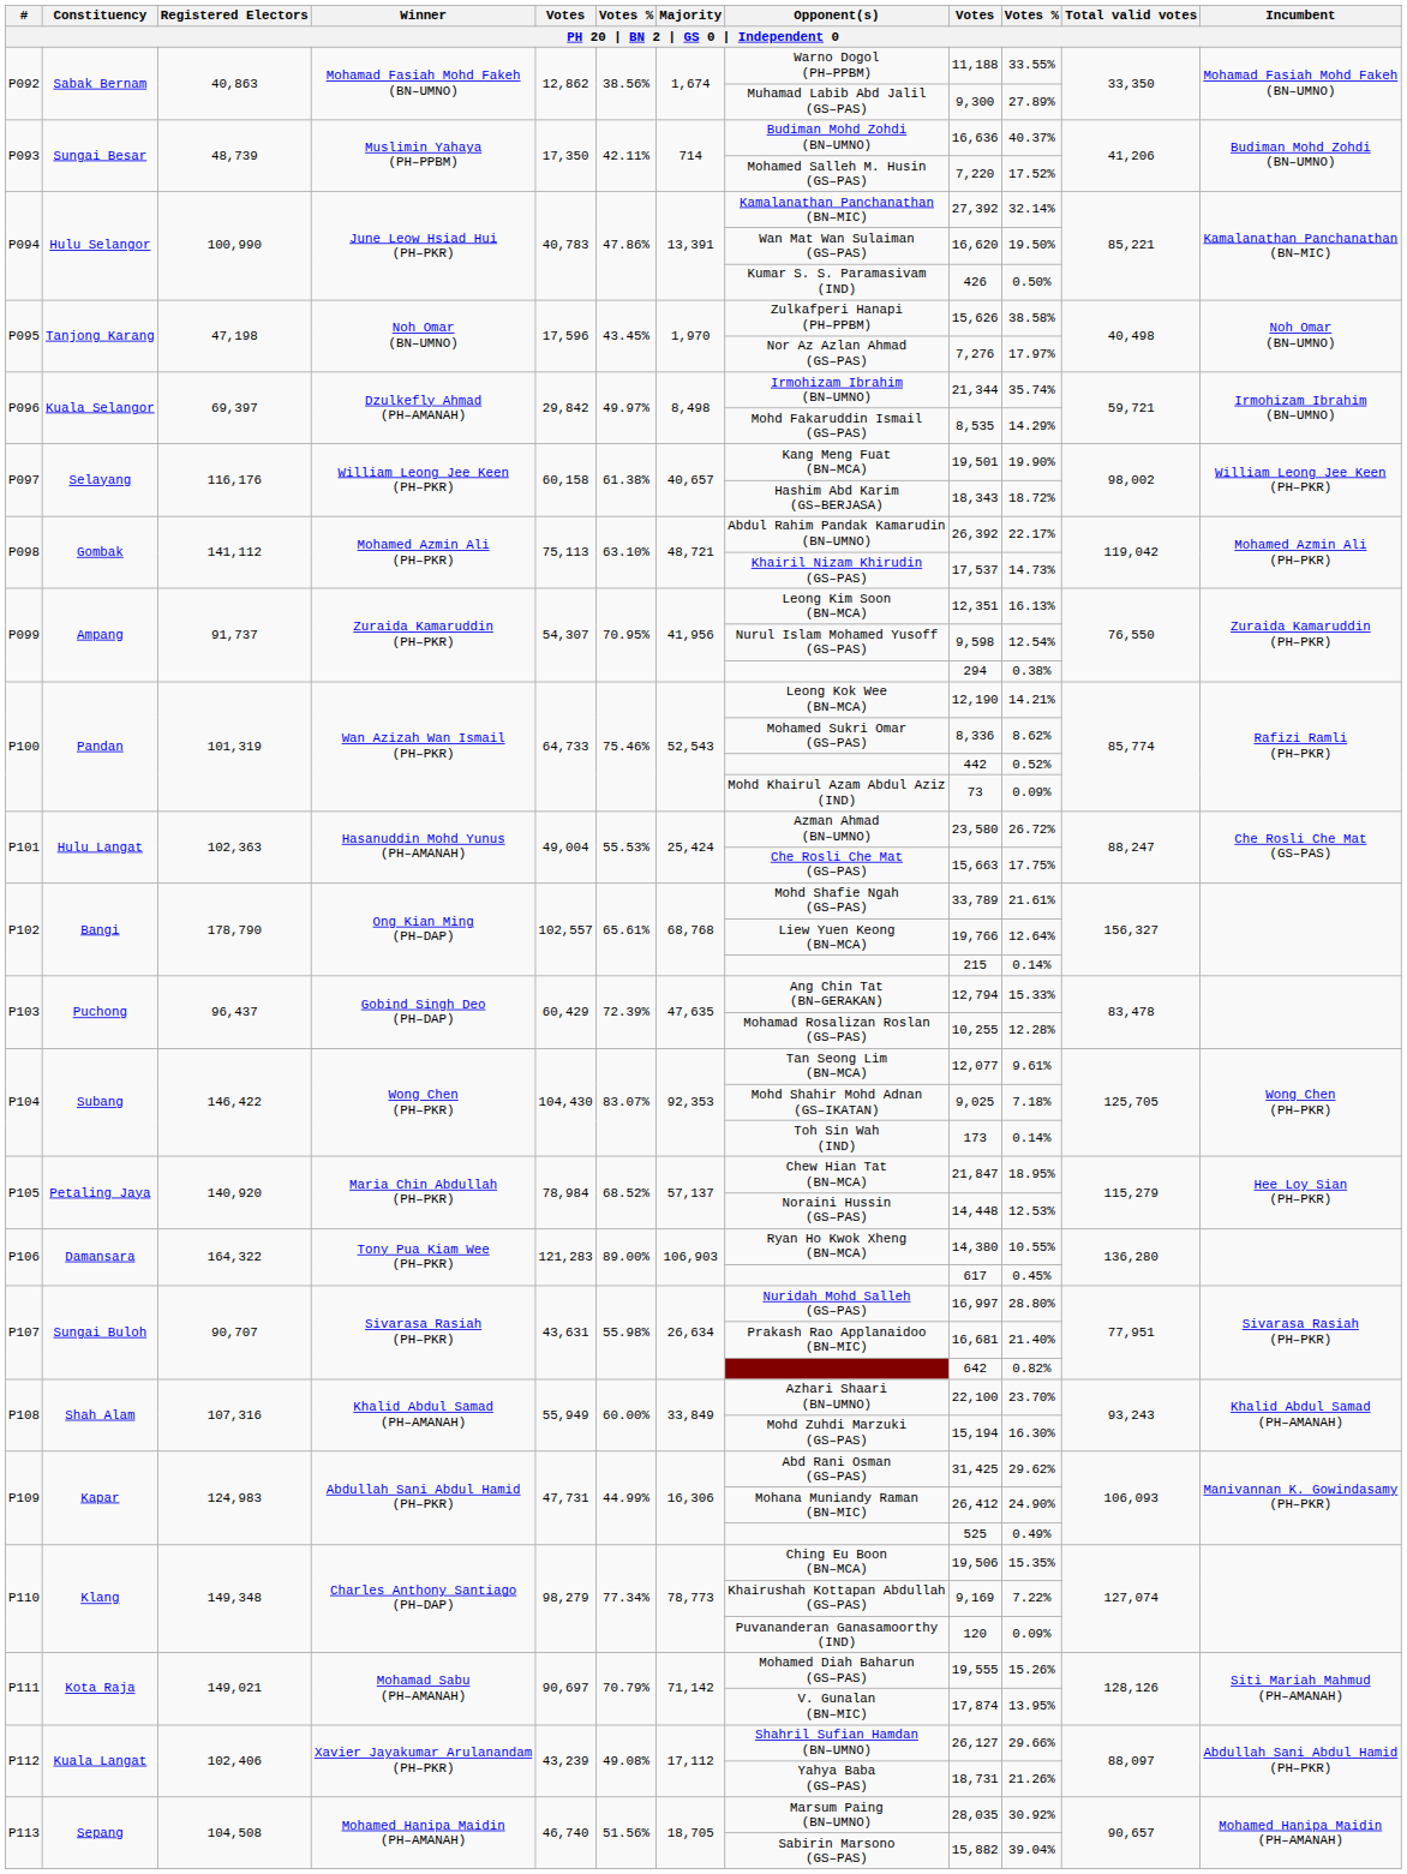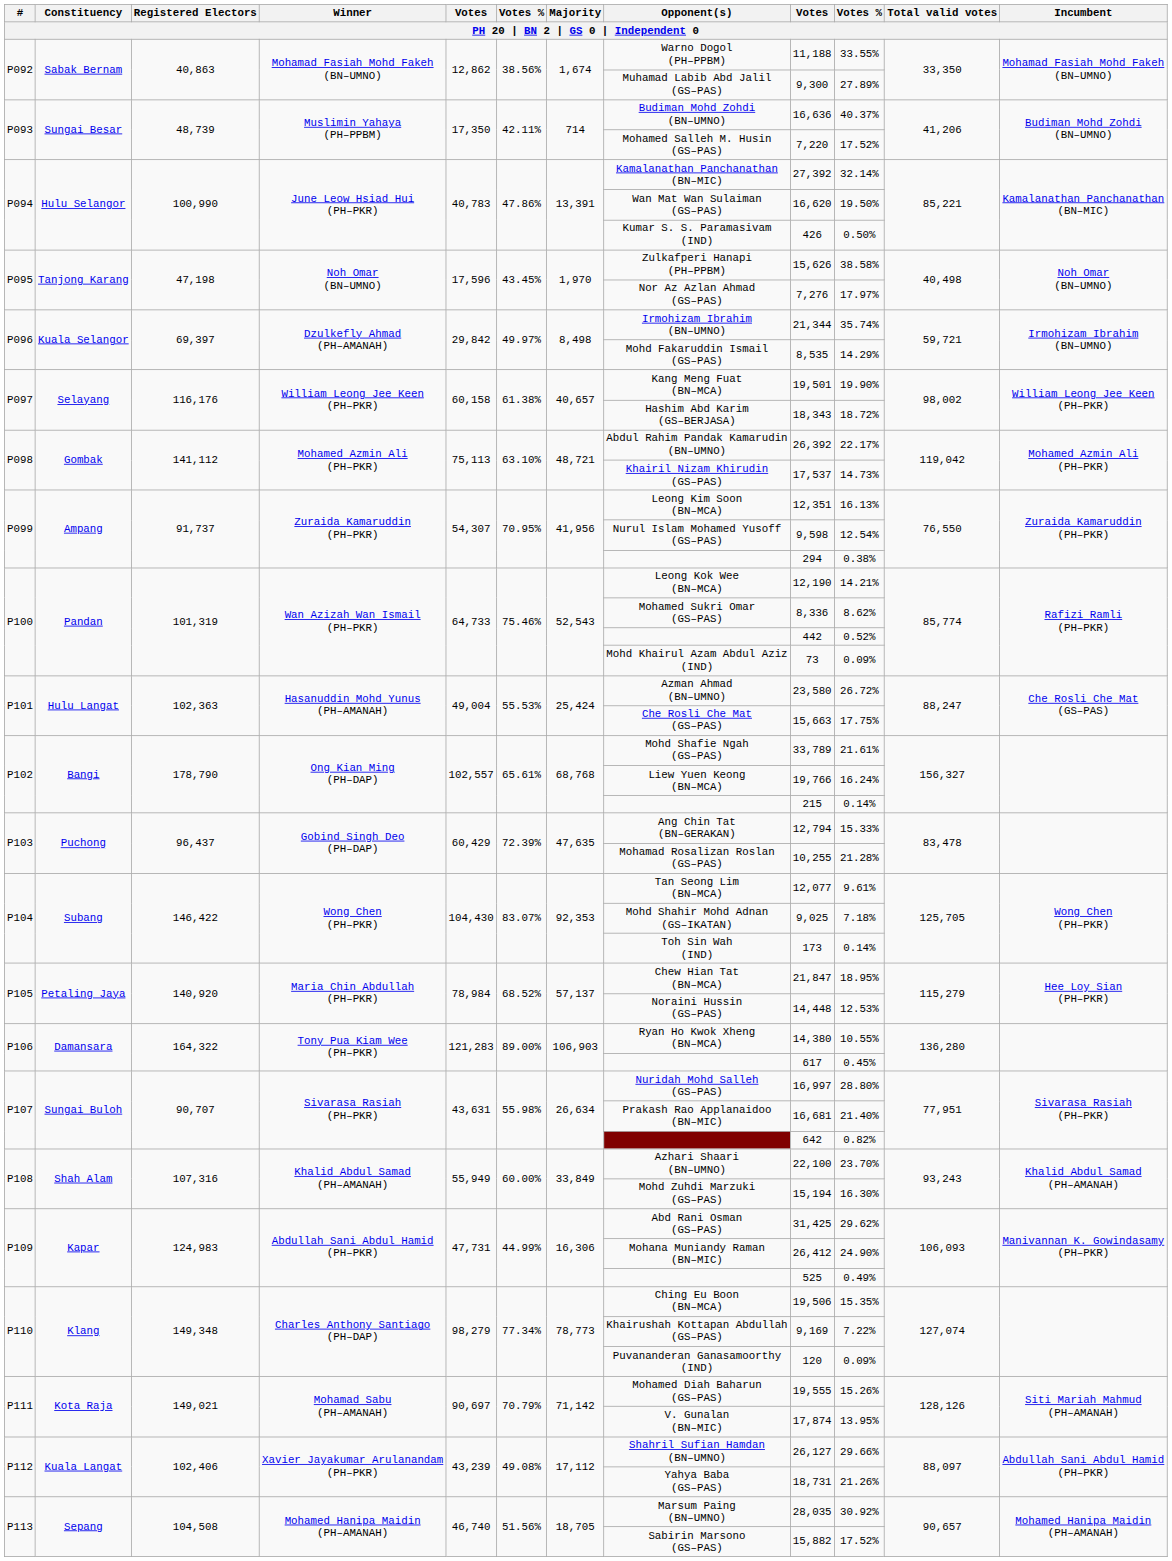 <table class="wikitable sortable" style">
 <tr>
 <th>#</th>
 <th>Constituency</th>
 <th>Registered Electors</th>
 <th>Winner</th>
 <th>Votes</th>
 <th>Votes %</th>
 <th>Majority</th>
 <th>Opponent(s)</th>
 <th>Votes</th>
 <th>Votes %</th>
 <th>Total valid votes</th>
 <th>Incumbent</th>
 </tr>
 <tr>
 <th colspan="13"><a href='#'>PH</a> <strong>20</strong> | <a href='#'>BN</a> <strong>2</strong> | <a href='#'>GS</a> <strong>0</strong> | <a href='#'>Independent</a> <strong>0</strong></th>
 </tr>
 <tr align="center">
 <td rowspan=2>P092</td>
 <td rowspan=2><a href='#'>Sabak Bernam</a></td>
 <td rowspan=2>40,863</td>
 <td rowspan=2><a href='#'>Mohamad Fasiah Mohd Fakeh</a><br>(BN–UMNO)</td>
 <td rowspan=2>12,862</td>
 <td rowspan=2>38.56%</td>
 <td rowspan=2>1,674</td>
 <td>Warno Dogol<br>(PH–PPBM)</td>
 <td>11,188</td>
 <td>33.55%</td>
 <td rowspan=2>33,350</td>
 <td rowspan=2><a href='#'>Mohamad Fasiah Mohd Fakeh</a><br>(BN–UMNO)</td>
 </tr>
 <tr align="center">
 <td>Muhamad Labib Abd Jalil<br>(GS–PAS)</td>
 <td>9,300</td>
 <td>27.89%</td>
 </tr>
 <tr align="center">
 <td rowspan=2>P093</td>
 <td rowspan=2><a href='#'>Sungai Besar</a></td>
 <td rowspan=2>48,739</td>
 <td rowspan=2><a href='#'>Muslimin Yahaya</a><br>(PH–PPBM)</td>
 <td rowspan=2>17,350</td>
 <td rowspan=2>42.11%</td>
 <td rowspan=2>714</td>
 <td><a href='#'>Budiman Mohd Zohdi</a><br>(BN–UMNO)</td>
 <td>16,636</td>
 <td>40.37%</td>
 <td rowspan=2>41,206</td>
 <td rowspan=2><a href='#'>Budiman Mohd Zohdi</a><br>(BN–UMNO)</td>
 </tr>
 <tr align="center">
 <td>Mohamed Salleh M. Husin<br>(GS–PAS)</td>
 <td>7,220</td>
 <td>17.52%</td>
 </tr>
 <tr align="center">
 <td rowspan=3>P094</td>
 <td rowspan=3><a href='#'>Hulu Selangor</a></td>
 <td rowspan=3>100,990</td>
 <td rowspan=3><a href='#'>June Leow Hsiad Hui</a><br>(PH–PKR)</td>
 <td rowspan=3>40,783</td>
 <td rowspan=3>47.86%</td>
 <td rowspan=3>13,391</td>
 <td><a href='#'>Kamalanathan Panchanathan</a><br>(BN–MIC)</td>
 <td>27,392</td>
 <td>32.14%</td>
 <td rowspan=3>85,221</td>
 <td rowspan=3><a href='#'>Kamalanathan Panchanathan</a><br>(BN–MIC)</td>
 </tr>
 <tr align="center">
 <td>Wan Mat Wan Sulaiman<br>(GS–PAS)</td>
 <td>16,620</td>
 <td>19.50%</td>
 </tr>
 <tr align="center">
 <td>Kumar S. S. Paramasivam<br>(IND)</td>
 <td>426</td>
 <td>0.50%</td>
 </tr>
 <tr align="center">
 <td rowspan=2>P095</td>
 <td rowspan=2><a href='#'>Tanjong Karang</a></td>
 <td rowspan=2>47,198</td>
 <td rowspan=2><a href='#'>Noh Omar</a><br>(BN–UMNO)</td>
 <td rowspan=2>17,596</td>
 <td rowspan=2>43.45%</td>
 <td rowspan=2>1,970</td>
 <td>Zulkafperi Hanapi<br>(PH–PPBM)</td>
 <td>15,626</td>
 <td>38.58%</td>
 <td rowspan=2>40,498</td>
 <td rowspan=2><a href='#'>Noh Omar</a><br>(BN–UMNO)</td>
 </tr>
 <tr align="center">
 <td>Nor Az Azlan Ahmad<br>(GS–PAS)</td>
 <td>7,276</td>
 <td>17.97%</td>
 </tr>
 <tr align="center">
 <td rowspan=2>P096</td>
 <td rowspan=2><a href='#'>Kuala Selangor</a></td>
 <td rowspan=2>69,397</td>
 <td rowspan=2><a href='#'>Dzulkefly Ahmad</a><br>(PH–AMANAH)</td>
 <td rowspan=2>29,842</td>
 <td rowspan=2>49.97%</td>
 <td rowspan=2>8,498</td>
 <td><a href='#'>Irmohizam Ibrahim</a><br>(BN–UMNO)</td>
 <td>21,344</td>
 <td>35.74%</td>
 <td rowspan=2>59,721</td>
 <td rowspan=2><a href='#'>Irmohizam Ibrahim</a><br>(BN–UMNO)</td>
 </tr>
 <tr align="center">
 <td>Mohd Fakaruddin Ismail<br>(GS–PAS)</td>
 <td>8,535</td>
 <td>14.29%</td>
 </tr>
 <tr align="center">
 <td rowspan=2>P097</td>
 <td rowspan=2><a href='#'>Selayang</a></td>
 <td rowspan=2>116,176</td>
 <td rowspan=2><a href='#'>William Leong Jee Keen</a><br>(PH–PKR)</td>
 <td rowspan=2>60,158</td>
 <td rowspan=2>61.38%</td>
 <td rowspan=2>40,657</td>
 <td>Kang Meng Fuat<br>(BN–MCA)</td>
 <td>19,501</td>
 <td>19.90%</td>
 <td rowspan=2>98,002</td>
 <td rowspan=2><a href='#'>William Leong Jee Keen</a><br>(PH–PKR)</td>
 </tr>
 <tr align="center">
 <td>Hashim Abd Karim<br>(GS–BERJASA)</td>
 <td>18,343</td>
 <td>18.72%</td>
 </tr>
 <tr align="center">
 <td rowspan=2>P098</td>
 <td rowspan=2><a href='#'>Gombak</a></td>
 <td rowspan=2>141,112</td>
 <td rowspan=2><a href='#'>Mohamed Azmin Ali</a><br>(PH–PKR)</td>
 <td rowspan=2>75,113</td>
 <td rowspan=2>63.10%</td>
 <td rowspan=2>48,721</td>
 <td>Abdul Rahim Pandak Kamarudin<br>(BN–UMNO)</td>
 <td>26,392</td>
 <td>22.17%</td>
 <td rowspan=2>119,042</td>
 <td rowspan=2><a href='#'>Mohamed Azmin Ali</a><br>(PH–PKR)</td>
 </tr>
 <tr align="center">
 <td><a href='#'>Khairil Nizam Khirudin</a><br>(GS–PAS)</td>
 <td>17,537</td>
 <td>14.73%</td>
 </tr>
 <tr align="center">
 <td rowspan=3>P099</td>
 <td rowspan=3><a href='#'>Ampang</a></td>
 <td rowspan=3>91,737</td>
 <td rowspan=3><a href='#'>Zuraida Kamaruddin</a><br>(PH–PKR)</td>
 <td rowspan=3>54,307</td>
 <td rowspan=3>70.95%</td>
 <td rowspan=3>41,956</td>
 <td>Leong Kim Soon<br>(BN–MCA)</td>
 <td>12,351</td>
 <td>16.13%</td>
 <td rowspan=3>76,550</td>
 <td rowspan=3><a href='#'>Zuraida Kamaruddin</a><br>(PH–PKR)</td>
 </tr>
 <tr align="center">
 <td>Nurul Islam Mohamed Yusoff<br>(GS–PAS)</td>
 <td>9,598</td>
 <td>12.54%</td>
 </tr>
 <tr align="center">
 <td></td>
 <td>294</td>
 <td>0.38%</td>
 </tr>
 <tr align="center">
 <td rowspan=4>P100</td>
 <td rowspan=4><a href='#'>Pandan</a></td>
 <td rowspan=4>101,319</td>
 <td rowspan=4><a href='#'>Wan Azizah Wan Ismail</a><br>(PH–PKR)</td>
 <td rowspan=4>64,733</td>
 <td rowspan=4>75.46%</td>
 <td rowspan=4>52,543</td>
 <td>Leong Kok Wee<br>(BN–MCA)</td>
 <td>12,190</td>
 <td>14.21%</td>
 <td rowspan=4>85,774</td>
 <td rowspan=4><a href='#'>Rafizi Ramli</a><br>(PH–PKR)</td>
 </tr>
 <tr align="center">
 <td>Mohamed Sukri Omar<br>(GS–PAS)</td>
 <td>8,336</td>
 <td>8.62%</td>
 </tr>
 <tr align="center">
 <td></td>
 <td>442</td>
 <td>0.52%</td>
 </tr>
 <tr align="center">
 <td>Mohd Khairul Azam Abdul Aziz<br>(IND)</td>
 <td>73</td>
 <td>0.09%</td>
 </tr>
 <tr align="center">
 <td rowspan=2>P101</td>
 <td rowspan=2><a href='#'>Hulu Langat</a></td>
 <td rowspan=2>102,363</td>
 <td rowspan=2><a href='#'>Hasanuddin Mohd Yunus</a><br>(PH–AMANAH)</td>
 <td rowspan=2>49,004</td>
 <td rowspan=2>55.53%</td>
 <td rowspan=2>25,424</td>
 <td>Azman Ahmad<br>(BN–UMNO)</td>
 <td>23,580</td>
 <td>26.72%</td>
 <td rowspan=2>88,247</td>
 <td rowspan=2><a href='#'>Che Rosli Che Mat</a><br>(GS–PAS)</td>
 </tr>
 <tr align="center">
 <td><a href='#'>Che Rosli Che Mat</a><br>(GS–PAS)</td>
 <td>15,663</td>
 <td>17.75%</td>
 </tr>
 <tr align="center">
 <td rowspan=3>P102</td>
 <td rowspan=3><a href='#'>Bangi</a></td>
 <td rowspan=3>178,790</td>
 <td rowspan=3><a href='#'>Ong Kian Ming</a><br>(PH–DAP)</td>
 <td rowspan=3>102,557</td>
 <td rowspan=3>65.61%</td>
 <td rowspan=3>68,768</td>
 <td>Mohd Shafie Ngah<br>(GS–PAS)</td>
 <td>33,789</td>
 <td>21.61%</td>
 <td rowspan=3>156,327</td>
 <td rowspan=3></td>
 </tr>
 <tr align="center">
 <td>Liew Yuen Keong<br>(BN–MCA)</td>
 <td>19,766</td>
-<td>12.64%</td>
+<td>16.24%</td>
 </tr>
 <tr align="center">
 <td></td>
 <td>215</td>
 <td>0.14%</td>
 </tr>
 <tr align="center">
 <td rowspan=2>P103</td>
 <td rowspan=2><a href='#'>Puchong</a></td>
 <td rowspan=2>96,437</td>
 <td rowspan=2><a href='#'>Gobind Singh Deo</a><br>(PH–DAP)</td>
 <td rowspan=2>60,429</td>
 <td rowspan=2>72.39%</td>
 <td rowspan=2>47,635</td>
 <td>Ang Chin Tat <br>(BN–GERAKAN)</td>
 <td>12,794</td>
 <td>15.33%</td>
 <td rowspan=2>83,478</td>
 <td rowspan=2></td>
 </tr>
 <tr align="center">
 <td>Mohamad Rosalizan Roslan<br>(GS–PAS)</td>
 <td>10,255</td>
-<td>12.28%</td>
+<td>21.28%</td>
 </tr>
 <tr align="center">
 <td rowspan=3>P104</td>
 <td rowspan=3><a href='#'>Subang</a></td>
 <td rowspan=3>146,422</td>
 <td rowspan=3><a href='#'>Wong Chen</a><br>(PH–PKR)</td>
 <td rowspan=3>104,430</td>
 <td rowspan=3>83.07%</td>
 <td rowspan=3>92,353</td>
 <td>Tan Seong Lim<br>(BN–MCA)</td>
 <td>12,077</td>
 <td>9.61%</td>
 <td rowspan=3>125,705</td>
 <td rowspan=3><a href='#'>Wong Chen</a><br>(PH–PKR)</td>
 </tr>
 <tr align="center">
 <td>Mohd Shahir Mohd Adnan<br>(GS–IKATAN)</td>
 <td>9,025</td>
 <td>7.18%</td>
 </tr>
 <tr align="center">
 <td>Toh Sin Wah<br>(IND)</td>
 <td>173</td>
 <td>0.14%</td>
 </tr>
 <tr align="center">
 <td rowspan=2>P105</td>
 <td rowspan=2><a href='#'>Petaling Jaya</a></td>
 <td rowspan=2>140,920</td>
 <td rowspan=2><a href='#'>Maria Chin Abdullah</a><br>(PH–PKR)</td>
 <td rowspan=2>78,984</td>
 <td rowspan=2>68.52%</td>
 <td rowspan=2>57,137</td>
 <td>Chew Hian Tat<br>(BN–MCA)</td>
 <td>21,847</td>
 <td>18.95%</td>
 <td rowspan=2>115,279</td>
 <td rowspan=2><a href='#'>Hee Loy Sian</a><br>(PH–PKR)</td>
 </tr>
 <tr align="center">
 <td>Noraini Hussin<br>(GS–PAS)</td>
 <td>14,448</td>
 <td>12.53%</td>
 </tr>
 <tr align="center">
 <td rowspan=2>P106</td>
 <td rowspan=2><a href='#'>Damansara</a></td>
 <td rowspan=2>164,322</td>
 <td rowspan=2><a href='#'>Tony Pua Kiam Wee</a><br>(PH–PKR)</td>
 <td rowspan=2>121,283</td>
 <td rowspan=2>89.00%</td>
 <td rowspan=2>106,903</td>
 <td>Ryan Ho Kwok Xheng<br>(BN–MCA)</td>
 <td>14,380</td>
 <td>10.55%</td>
 <td rowspan=2>136,280</td>
 <td rowspan=2></td>
 </tr>
 <tr align="center">
 <td></td>
 <td>617</td>
 <td>0.45%</td>
 </tr>
 <tr align="center">
 <td rowspan=3>P107</td>
 <td rowspan=3><a href='#'>Sungai Buloh</a></td>
 <td rowspan=3>90,707</td>
 <td rowspan=3><a href='#'>Sivarasa Rasiah</a><br>(PH–PKR)</td>
 <td rowspan=3>43,631</td>
 <td rowspan=3>55.98%</td>
 <td rowspan=3>26,634</td>
 <td><a href='#'>Nuridah Mohd Salleh</a><br>(GS–PAS)</td>
 <td>16,997</td>
 <td>28.80%</td>
 <td rowspan=3>77,951</td>
 <td rowspan=3><a href='#'>Sivarasa Rasiah</a><br>(PH–PKR)</td>
 </tr>
 <tr align="center">
 <td>Prakash Rao Applanaidoo<br>(BN–MIC)</td>
 <td>16,681</td>
 <td>21.40%</td>
 </tr>
 <tr align="center">
 <td bgcolor="maroon"></td>
 <td>642</td>
 <td>0.82%</td>
 </tr>
 <tr align="center">
 <td rowspan=2>P108</td>
 <td rowspan=2><a href='#'>Shah Alam</a></td>
 <td rowspan=2>107,316</td>
 <td rowspan=2><a href='#'>Khalid Abdul Samad</a><br>(PH–AMANAH)</td>
 <td rowspan=2>55,949</td>
 <td rowspan=2>60.00%</td>
 <td rowspan=2>33,849</td>
 <td>Azhari Shaari<br>(BN–UMNO)</td>
 <td>22,100</td>
 <td>23.70%</td>
 <td rowspan=2>93,243</td>
 <td rowspan=2><a href='#'>Khalid Abdul Samad</a><br>(PH–AMANAH)</td>
 </tr>
 <tr align="center">
 <td>Mohd Zuhdi Marzuki<br>(GS–PAS)</td>
 <td>15,194</td>
 <td>16.30%</td>
 </tr>
 <tr align="center">
 <td rowspan=3>P109</td>
 <td rowspan=3><a href='#'>Kapar</a></td>
 <td rowspan=3>124,983</td>
 <td rowspan=3><a href='#'>Abdullah Sani Abdul Hamid</a><br>(PH–PKR)</td>
 <td rowspan=3>47,731</td>
 <td rowspan=3>44.99%</td>
 <td rowspan=3>16,306</td>
 <td>Abd Rani Osman<br>(GS–PAS)</td>
 <td>31,425</td>
 <td>29.62%</td>
 <td rowspan=3>106,093</td>
 <td rowspan=3><a href='#'>Manivannan K. Gowindasamy</a><br>(PH–PKR)</td>
 </tr>
 <tr align="center">
 <td>Mohana Muniandy Raman<br>(BN–MIC)</td>
 <td>26,412</td>
 <td>24.90%</td>
 </tr>
 <tr align="center">
 <td></td>
 <td>525</td>
 <td>0.49%</td>
 </tr>
 <tr align="center">
 <td rowspan=3>P110</td>
 <td rowspan=3><a href='#'>Klang</a></td>
 <td rowspan=3>149,348</td>
 <td rowspan=3><a href='#'>Charles Anthony Santiago</a><br>(PH–DAP)</td>
 <td rowspan=3>98,279</td>
 <td rowspan=3>77.34%</td>
 <td rowspan=3>78,773</td>
 <td>Ching Eu Boon<br>(BN–MCA)</td>
 <td>19,506</td>
 <td>15.35%</td>
 <td rowspan=3>127,074</td>
 <td rowspan=3></td>
 </tr>
 <tr align="center">
 <td>Khairushah Kottapan Abdullah<br>(GS–PAS)</td>
 <td>9,169</td>
 <td>7.22%</td>
 </tr>
 <tr align="center">
 <td>Puvananderan Ganasamoorthy<br>(IND)</td>
 <td>120</td>
 <td>0.09%</td>
 </tr>
 <tr align="center">
 <td rowspan=2>P111</td>
 <td rowspan=2><a href='#'>Kota Raja</a></td>
 <td rowspan=2>149,021</td>
 <td rowspan=2><a href='#'>Mohamad Sabu</a><br>(PH–AMANAH)</td>
 <td rowspan=2>90,697</td>
 <td rowspan=2>70.79%</td>
 <td rowspan=2>71,142</td>
 <td>Mohamed Diah Baharun<br>(GS–PAS)</td>
 <td>19,555</td>
 <td>15.26%</td>
 <td rowspan=2>128,126</td>
 <td rowspan=2><a href='#'>Siti Mariah Mahmud</a><br>(PH–AMANAH)</td>
 </tr>
 <tr align="center">
 <td>V. Gunalan<br>(BN–MIC)</td>
 <td>17,874</td>
 <td>13.95%</td>
 </tr>
 <tr align="center">
 <td rowspan=2>P112</td>
 <td rowspan=2><a href='#'>Kuala Langat</a></td>
 <td rowspan=2>102,406</td>
 <td rowspan=2><a href='#'>Xavier Jayakumar Arulanandam</a><br>(PH–PKR)</td>
 <td rowspan=2>43,239</td>
 <td rowspan=2>49.08%</td>
 <td rowspan=2>17,112</td>
 <td><a href='#'>Shahril Sufian Hamdan</a><br>(BN–UMNO)</td>
 <td>26,127</td>
 <td>29.66%</td>
 <td rowspan=2>88,097</td>
 <td rowspan=2><a href='#'>Abdullah Sani Abdul Hamid</a><br>(PH–PKR)</td>
 </tr>
 <tr align="center">
 <td>Yahya Baba<br>(GS–PAS)</td>
 <td>18,731</td>
 <td>21.26%</td>
 </tr>
 <tr align="center">
 <td rowspan=2>P113</td>
 <td rowspan=2><a href='#'>Sepang</a></td>
 <td rowspan=2>104,508</td>
 <td rowspan=2><a href='#'>Mohamed Hanipa Maidin</a><br>(PH–AMANAH)</td>
 <td rowspan=2>46,740</td>
 <td rowspan=2>51.56%</td>
 <td rowspan=2>18,705</td>
 <td>Marsum Paing<br>(BN–UMNO)</td>
 <td>28,035</td>
 <td>30.92%</td>
 <td rowspan=2>90,657</td>
 <td rowspan=2><a href='#'>Mohamed Hanipa Maidin</a><br>(PH–AMANAH)</td>
 </tr>
 <tr align="center">
 <td>Sabirin Marsono<br>(GS–PAS)</td>
 <td>15,882</td>
-<td>39.04%</td>
+<td>17.52%</td>
 </tr>
 </table>
